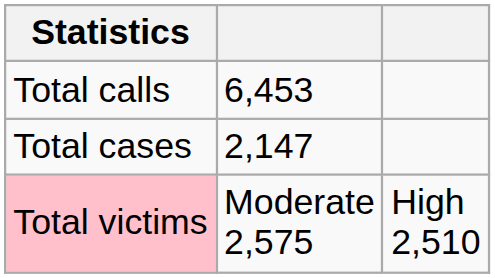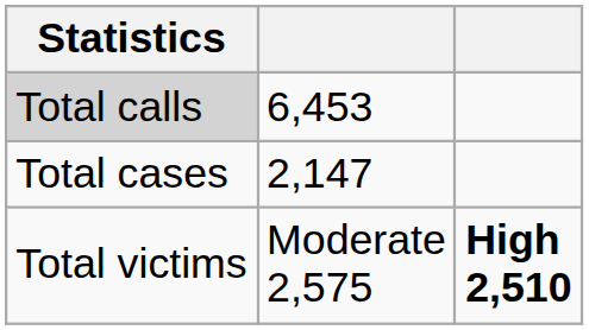 <table class="wikitable sortable mw-collapsible">
 <tr>
 <th class="headerSort" tabindex="0" role="columnheader button" title="Sort ascending">Statistics</th>
 <th class="headerSort" tabindex="0" role="columnheader button" title="Sort ascending"></th>
 <th class="headerSort" tabindex="0" role="columnheader button" title="Sort ascending"></th>
 </tr>
 <tr>
-<td>Total calls</td>
+<td style="background: lightgrey;">Total calls</td>
 <td>6,453</td>
 <td></td>
 </tr>
 <tr>
 <td>Total cases</td>
 <td>2,147</td>
 <td></td>
 </tr>
 <tr>
-<td style="background: pink;">Total victims</td>
+<td>Total victims</td>
 <td>Moderate<br>2,575</td>
-<td>High<br>2,510</td>
+<td><strong>High<br>2,510</strong></td>
 </tr>
 </table>
